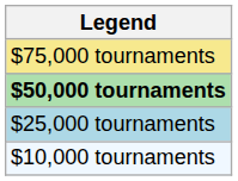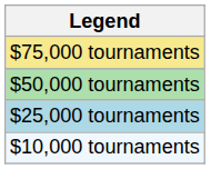 <table class=wikitable style=font-size:85%>
 <tr>
 <th>Legend</th>
 </tr>
 <tr bgcolor=f7e98e>
 <td>$75,000 tournaments</td>
 </tr>
 <tr bgcolor=addfad>
-<td><strong>$50,000 tournaments</strong></td>
+<td>$50,000 tournaments</td>
 </tr>
 <tr bgcolor=lightblue>
 <td>$25,000 tournaments</td>
 </tr>
 <tr bgcolor=f0f8ff>
 <td>$10,000 tournaments</td>
 </tr>
 </table>
